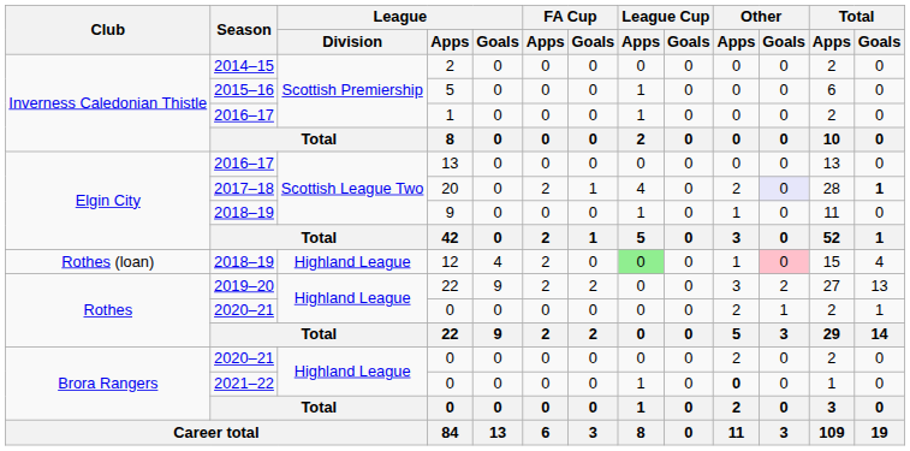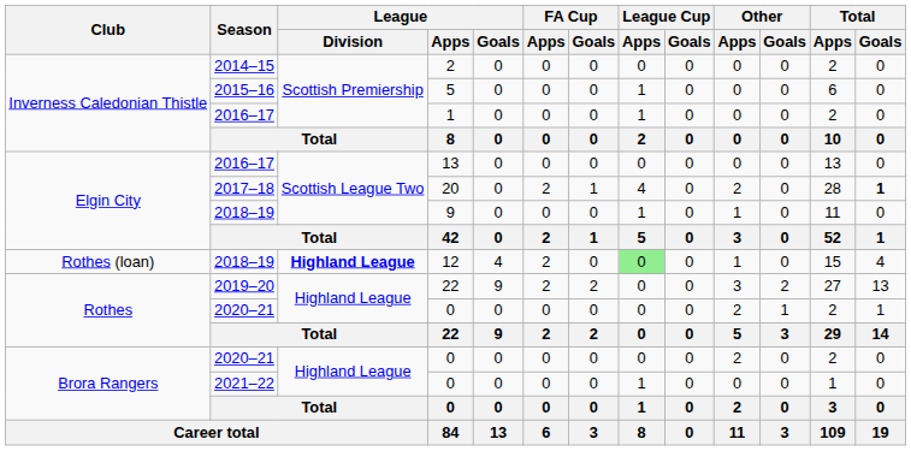 <table class="wikitable" style="text-align: center;">
 <tr>
 <th rowspan="2">Club</th>
 <th rowspan="2">Season</th>
 <th colspan="3">League</th>
 <th colspan="2">FA Cup</th>
 <th colspan="2">League Cup</th>
 <th colspan="2">Other</th>
 <th colspan="2">Total</th>
 </tr>
 <tr>
 <th>Division</th>
 <th>Apps</th>
 <th>Goals</th>
 <th>Apps</th>
 <th>Goals</th>
 <th>Apps</th>
 <th>Goals</th>
 <th>Apps</th>
 <th>Goals</th>
 <th>Apps</th>
 <th>Goals</th>
 </tr>
 <tr>
 <td rowspan="4"><a href='#'>Inverness Caledonian Thistle</a></td>
 <td><a href='#'>2014–15</a></td>
 <td rowspan="3"><a href='#'>Scottish Premiership</a></td>
 <td>2</td>
 <td>0</td>
 <td>0</td>
 <td>0</td>
 <td>0</td>
 <td>0</td>
 <td>0</td>
 <td>0</td>
 <td>2</td>
 <td>0</td>
 </tr>
 <tr>
 <td><a href='#'>2015–16</a></td>
 <td>5</td>
 <td>0</td>
 <td>0</td>
 <td>0</td>
 <td>1</td>
 <td>0</td>
 <td>0</td>
 <td>0</td>
 <td>6</td>
 <td>0</td>
 </tr>
 <tr>
 <td><a href='#'>2016–17</a></td>
 <td>1</td>
 <td>0</td>
 <td>0</td>
 <td>0</td>
 <td>1</td>
 <td>0</td>
 <td>0</td>
 <td>0</td>
 <td>2</td>
 <td>0</td>
 </tr>
 <tr>
 <th colspan="2">Total</th>
 <th>8</th>
 <th>0</th>
 <th>0</th>
 <th>0</th>
 <th>2</th>
 <th>0</th>
 <th>0</th>
 <th>0</th>
 <th>10</th>
 <th>0</th>
 </tr>
 <tr>
 <td rowspan="4"><a href='#'>Elgin City</a></td>
 <td><a href='#'>2016–17</a></td>
 <td rowspan="3"><a href='#'>Scottish League Two</a></td>
 <td>13</td>
 <td>0</td>
 <td>0</td>
 <td>0</td>
 <td>0</td>
 <td>0</td>
 <td>0</td>
 <td>0</td>
 <td>13</td>
 <td>0</td>
 </tr>
 <tr>
 <td><a href='#'>2017–18</a></td>
 <td>20</td>
 <td>0</td>
 <td>2</td>
 <td>1</td>
 <td>4</td>
 <td>0</td>
 <td>2</td>
-<td style="background: lavender;">0</td>
+<td>0</td>
 <td>28</td>
 <td><strong>1</strong></td>
 </tr>
 <tr>
 <td><a href='#'>2018–19</a></td>
 <td>9</td>
 <td>0</td>
 <td>0</td>
 <td>0</td>
 <td>1</td>
 <td>0</td>
 <td>1</td>
 <td>0</td>
 <td>11</td>
 <td>0</td>
 </tr>
 <tr>
 <th colspan="2">Total</th>
 <th>42</th>
 <th>0</th>
 <th>2</th>
 <th>1</th>
 <th>5</th>
 <th>0</th>
 <th>3</th>
 <th>0</th>
 <th>52</th>
 <th>1</th>
 </tr>
 <tr>
 <td><a href='#'>Rothes</a> (loan)</td>
 <td><a href='#'>2018–19</a></td>
-<td><a href='#'>Highland League</a></td>
+<td><strong><a href='#'>Highland League</a></strong></td>
 <td>12</td>
 <td>4</td>
 <td>2</td>
 <td>0</td>
 <td style="background: lightgreen;">0</td>
 <td>0</td>
 <td>1</td>
-<td style="background: pink;">0</td>
+<td>0</td>
 <td>15</td>
 <td>4</td>
 </tr>
 <tr>
 <td rowspan="3"><a href='#'>Rothes</a></td>
 <td><a href='#'>2019–20</a></td>
 <td rowspan="2"><a href='#'>Highland League</a></td>
 <td>22</td>
 <td>9</td>
 <td>2</td>
 <td>2</td>
 <td>0</td>
 <td>0</td>
 <td>3</td>
 <td>2</td>
 <td>27</td>
 <td>13</td>
 </tr>
 <tr>
 <td><a href='#'>2020–21</a></td>
 <td>0</td>
 <td>0</td>
 <td>0</td>
 <td>0</td>
 <td>0</td>
 <td>0</td>
 <td>2</td>
 <td>1</td>
 <td>2</td>
 <td>1</td>
 </tr>
 <tr>
 <th colspan="2">Total</th>
 <th>22</th>
 <th>9</th>
 <th>2</th>
 <th>2</th>
 <th>0</th>
 <th>0</th>
 <th>5</th>
 <th>3</th>
 <th>29</th>
 <th>14</th>
 </tr>
 <tr>
 <td rowspan="3"><a href='#'>Brora Rangers</a></td>
 <td><a href='#'>2020–21</a></td>
 <td rowspan="2"><a href='#'>Highland League</a></td>
 <td>0</td>
 <td>0</td>
 <td>0</td>
 <td>0</td>
 <td>0</td>
 <td>0</td>
 <td>2</td>
 <td>0</td>
 <td>2</td>
 <td>0</td>
 </tr>
 <tr>
 <td><a href='#'>2021–22</a></td>
 <td>0</td>
 <td>0</td>
 <td>0</td>
 <td>0</td>
 <td>1</td>
 <td>0</td>
-<td><strong>0</strong></td>
+<td>0</td>
 <td>0</td>
 <td>1</td>
 <td>0</td>
 </tr>
 <tr>
 <th colspan="2">Total</th>
 <th>0</th>
 <th>0</th>
 <th>0</th>
 <th>0</th>
 <th>1</th>
 <th>0</th>
 <th>2</th>
 <th>0</th>
 <th>3</th>
 <th>0</th>
 </tr>
 <tr>
 <th colspan="3">Career total</th>
 <th>84</th>
 <th>13</th>
 <th>6</th>
 <th>3</th>
 <th>8</th>
 <th>0</th>
 <th>11</th>
 <th>3</th>
 <th>109</th>
 <th>19</th>
 </tr>
 </table>
